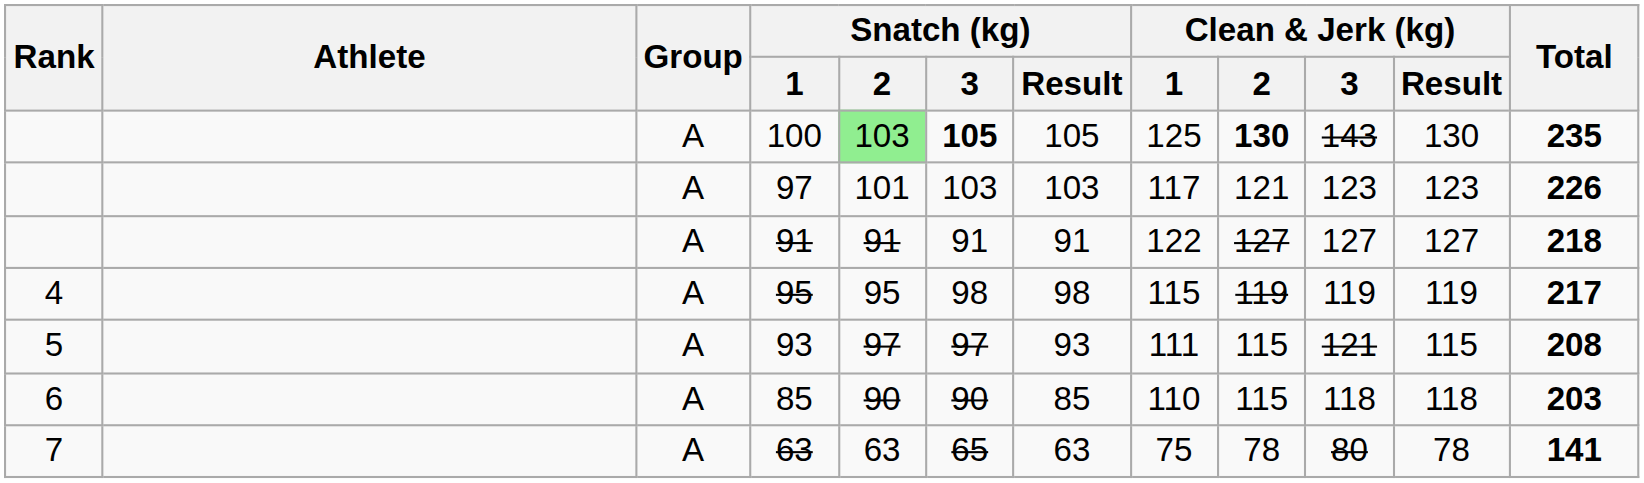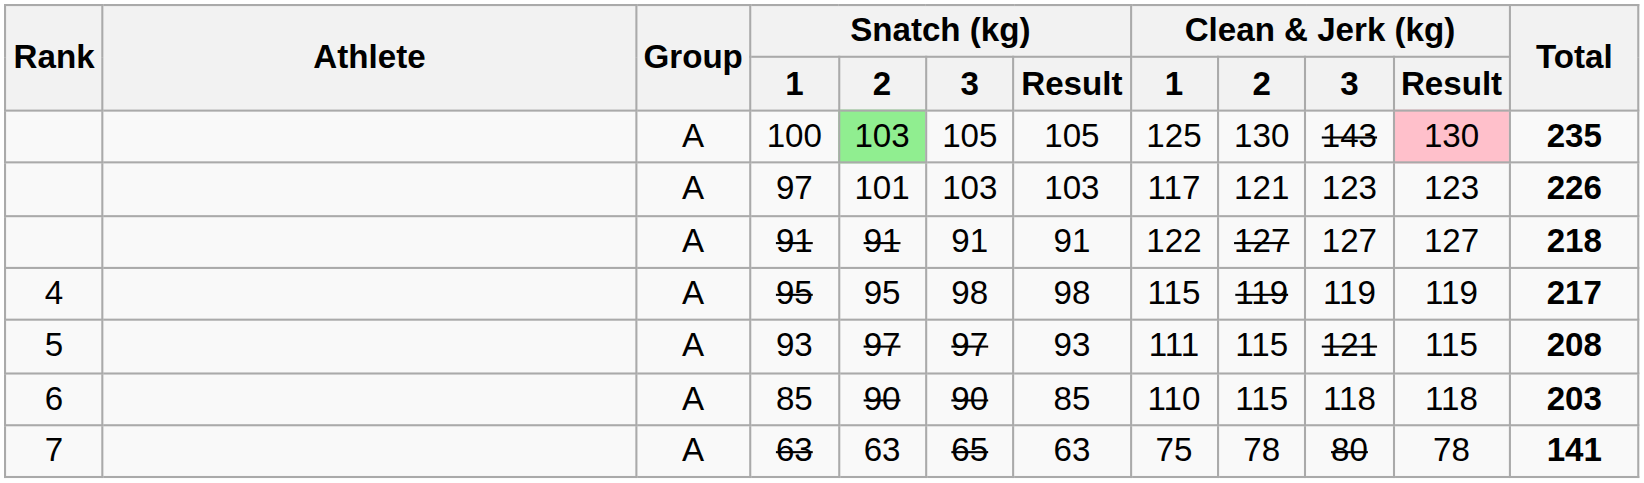 <table class = "wikitable" style="text-align:center;">
 <tr>
 <th rowspan=2 width=40>Rank</th>
 <th rowspan=2 width=250>Athlete</th>
 <th rowspan=2 width=40>Group</th>
 <th colspan=4>Snatch (kg)</th>
 <th colspan=4>Clean & Jerk (kg)</th>
 <th rowspan=2 width=55>Total</th>
 </tr>
 <tr>
 <th width=35>1</th>
 <th width=35>2</th>
 <th width=35>3</th>
 <th width=45>Result</th>
 <th width=35>1</th>
 <th width=35>2</th>
 <th width=35>3</th>
 <th width=45>Result</th>
 </tr>
 <tr>
 <td></td>
 <td align=left></td>
 <td>A</td>
 <td>100</td>
 <td style="background: lightgreen;">103</td>
-<td><strong>105</strong></td>
+<td>105</td>
 <td>105</td>
 <td>125</td>
-<td><strong>130</strong></td>
+<td>130</td>
 <td><s>143</s></td>
-<td>130</td>
+<td style="background: pink;">130</td>
 <td><strong>235</strong></td>
 </tr>
 <tr>
 <td></td>
 <td align=left></td>
 <td>A</td>
 <td>97</td>
 <td>101</td>
 <td>103</td>
 <td>103</td>
 <td>117</td>
 <td>121</td>
 <td>123</td>
 <td>123</td>
 <td><strong>226</strong></td>
 </tr>
 <tr>
 <td></td>
 <td align=left></td>
 <td>A</td>
 <td><s>91</s></td>
 <td><s>91</s></td>
 <td>91</td>
 <td>91</td>
 <td>122</td>
 <td><s>127</s></td>
 <td>127</td>
 <td>127</td>
 <td><strong>218</strong></td>
 </tr>
 <tr>
 <td>4</td>
 <td align=left></td>
 <td>A</td>
 <td><s>95</s></td>
 <td>95</td>
 <td>98</td>
 <td>98</td>
 <td>115</td>
 <td><s>119</s></td>
 <td>119</td>
 <td>119</td>
 <td><strong>217</strong></td>
 </tr>
 <tr>
 <td>5</td>
 <td align=left></td>
 <td>A</td>
 <td>93</td>
 <td><s>97</s></td>
 <td><s>97</s></td>
 <td>93</td>
 <td>111</td>
 <td>115</td>
 <td><s>121</s></td>
 <td>115</td>
 <td><strong>208</strong></td>
 </tr>
 <tr>
 <td>6</td>
 <td align=left></td>
 <td>A</td>
 <td>85</td>
 <td><s>90</s></td>
 <td><s>90</s></td>
 <td>85</td>
 <td>110</td>
 <td>115</td>
 <td>118</td>
 <td>118</td>
 <td><strong>203</strong></td>
 </tr>
 <tr>
 <td>7</td>
 <td align=left></td>
 <td>A</td>
 <td><s>63</s></td>
 <td>63</td>
 <td><s>65</s></td>
 <td>63</td>
 <td>75</td>
 <td>78</td>
 <td><s>80</s></td>
 <td>78</td>
 <td><strong>141</strong></td>
 </tr>
 </table>
